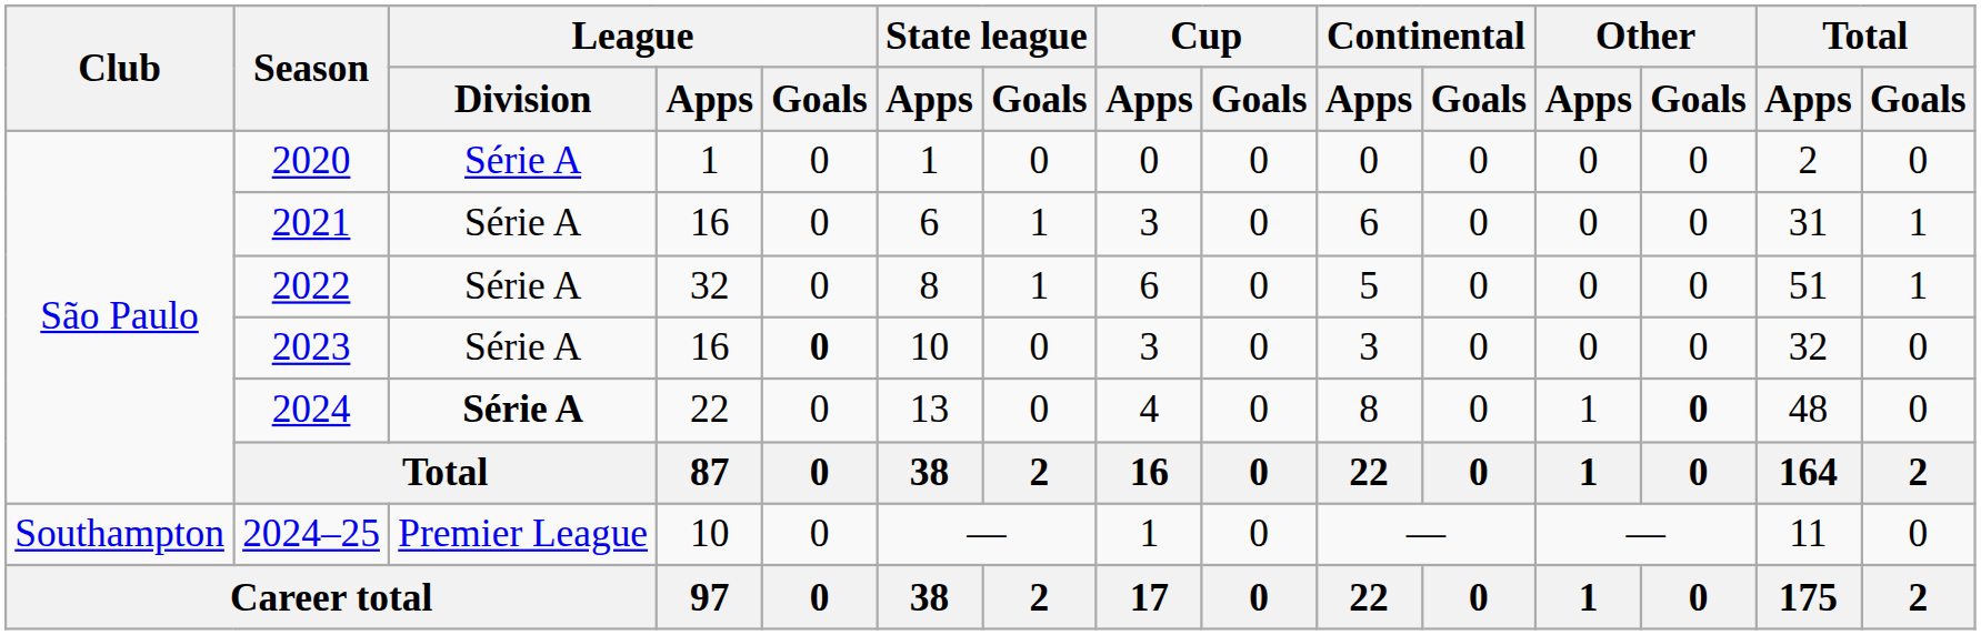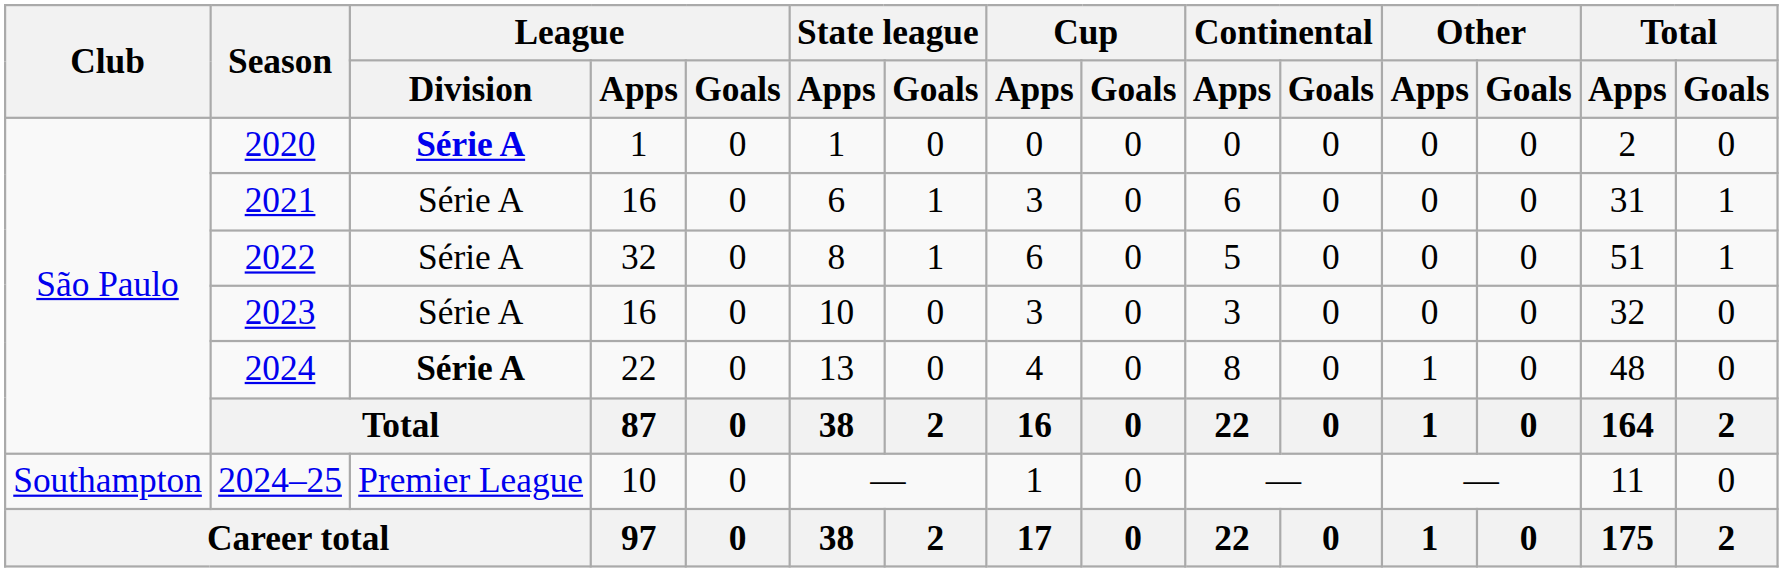 <table class="wikitable" style="text-align: center">
 <tr>
 <th rowspan="2">Club</th>
 <th rowspan="2">Season</th>
 <th colspan="3">League</th>
 <th colspan="2">State league</th>
 <th colspan="2">Cup</th>
 <th colspan="2">Continental</th>
 <th colspan="2">Other</th>
 <th colspan="2">Total</th>
 </tr>
 <tr>
 <th>Division</th>
 <th>Apps</th>
 <th>Goals</th>
 <th>Apps</th>
 <th>Goals</th>
 <th>Apps</th>
 <th>Goals</th>
 <th>Apps</th>
 <th>Goals</th>
 <th>Apps</th>
 <th>Goals</th>
 <th>Apps</th>
 <th>Goals</th>
 </tr>
 <tr>
 <td rowspan=6><a href='#'>São Paulo</a></td>
 <td><a href='#'>2020</a></td>
-<td><a href='#'>Série A</a></td>
+<td><strong><a href='#'>Série A</a></strong></td>
 <td>1</td>
 <td>0</td>
 <td>1</td>
 <td>0</td>
 <td>0</td>
 <td>0</td>
 <td>0</td>
 <td>0</td>
 <td>0</td>
 <td>0</td>
 <td>2</td>
 <td>0</td>
 </tr>
 <tr>
 <td><a href='#'>2021</a></td>
 <td>Série A</td>
 <td>16</td>
 <td>0</td>
 <td>6</td>
 <td>1</td>
 <td>3</td>
 <td>0</td>
 <td>6</td>
 <td>0</td>
 <td>0</td>
 <td>0</td>
 <td>31</td>
 <td>1</td>
 </tr>
 <tr>
 <td><a href='#'>2022</a></td>
 <td>Série A</td>
 <td>32</td>
 <td>0</td>
 <td>8</td>
 <td>1</td>
 <td>6</td>
 <td>0</td>
 <td>5</td>
 <td>0</td>
 <td>0</td>
 <td>0</td>
 <td>51</td>
 <td>1</td>
 </tr>
 <tr>
 <td><a href='#'>2023</a></td>
 <td>Série A</td>
 <td>16</td>
-<td><strong>0</strong></td>
+<td>0</td>
 <td>10</td>
 <td>0</td>
 <td>3</td>
 <td>0</td>
 <td>3</td>
 <td>0</td>
 <td>0</td>
 <td>0</td>
 <td>32</td>
 <td>0</td>
 </tr>
 <tr>
 <td><a href='#'>2024</a></td>
 <td><strong>Série A</strong></td>
 <td>22</td>
 <td>0</td>
 <td>13</td>
 <td>0</td>
 <td>4</td>
 <td>0</td>
 <td>8</td>
 <td>0</td>
 <td>1</td>
-<td><strong>0</strong></td>
+<td>0</td>
 <td>48</td>
 <td>0</td>
 </tr>
 <tr>
 <th colspan="2">Total</th>
 <th>87</th>
 <th>0</th>
 <th>38</th>
 <th>2</th>
 <th>16</th>
 <th>0</th>
 <th>22</th>
 <th>0</th>
 <th>1</th>
 <th>0</th>
 <th>164</th>
 <th>2</th>
 </tr>
 <tr>
 <td><a href='#'>Southampton</a></td>
 <td><a href='#'>2024–25</a></td>
 <td><a href='#'>Premier League</a></td>
 <td>10</td>
 <td>0</td>
 <td colspan="2">—</td>
 <td>1</td>
 <td>0</td>
 <td colspan="2">—</td>
 <td colspan="2">—</td>
 <td>11</td>
 <td>0</td>
 </tr>
 <tr>
 <th colspan="3"><strong>Career total</strong></th>
 <th>97</th>
 <th>0</th>
 <th>38</th>
 <th>2</th>
 <th>17</th>
 <th>0</th>
 <th>22</th>
 <th>0</th>
 <th>1</th>
 <th>0</th>
 <th>175</th>
 <th>2</th>
 </tr>
 </table>
